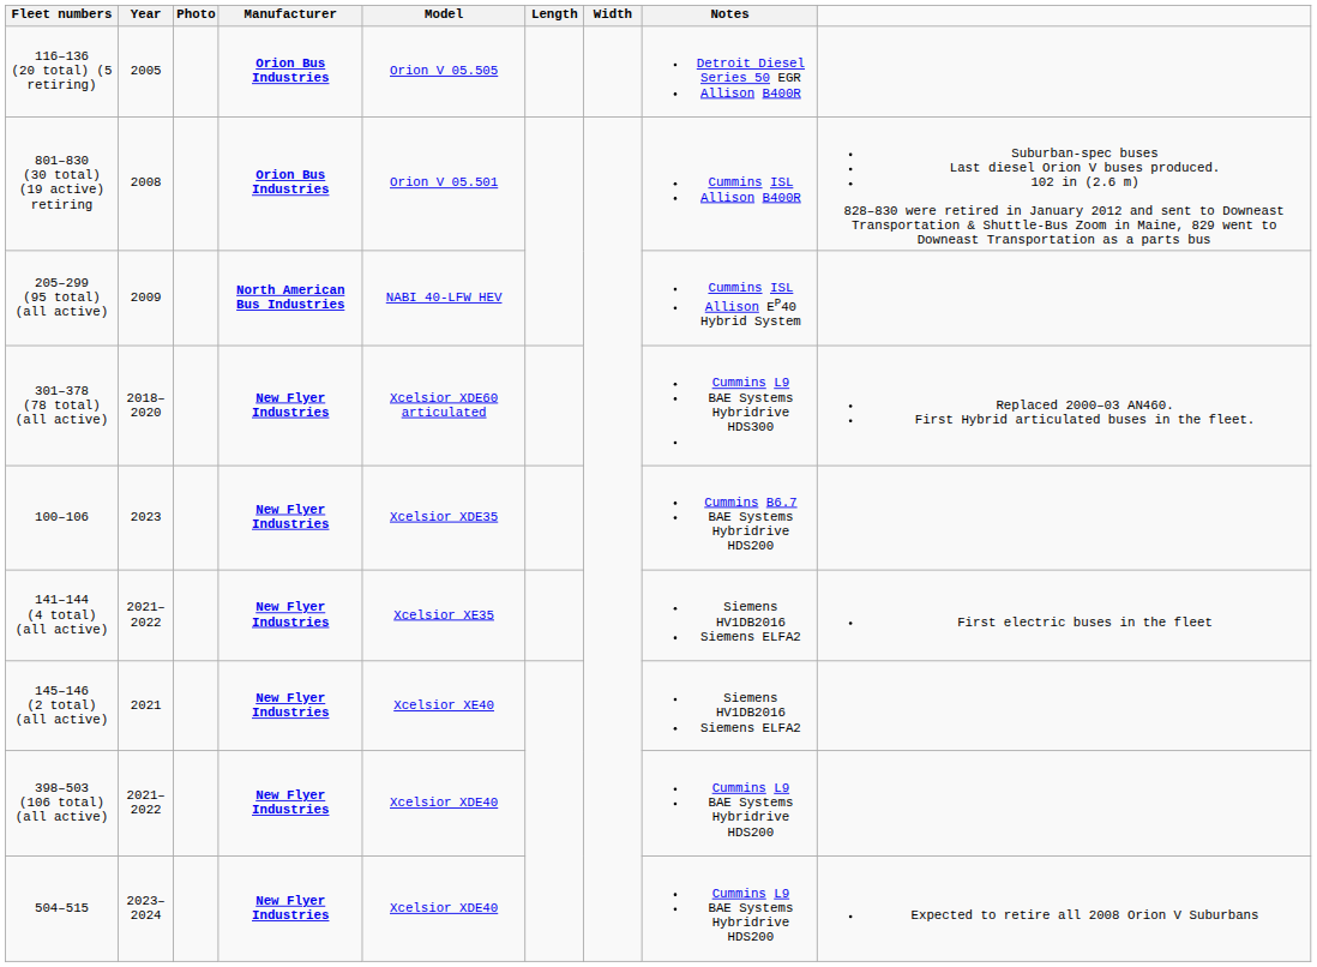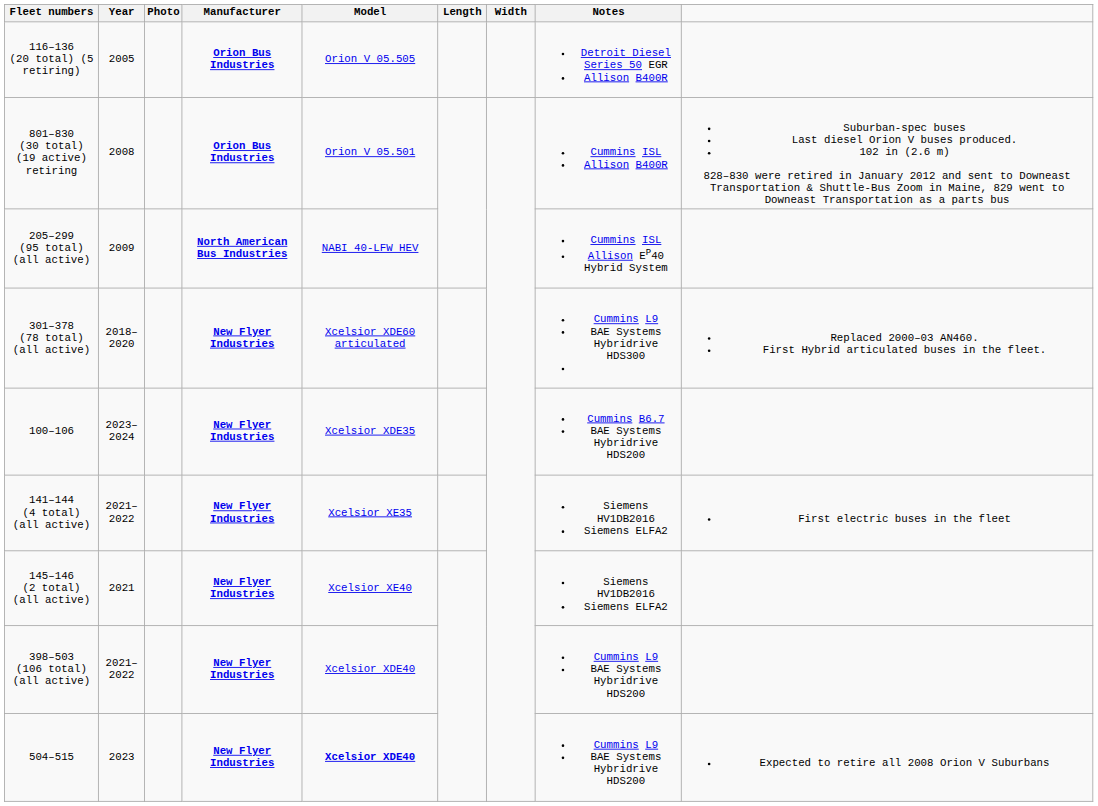 <table class="wikitable" style="font-size: 95%;">
 <tr align="center">
 <th>Fleet numbers</th>
 <th>Year</th>
 <th>Photo</th>
 <th>Manufacturer</th>
 <th width="150px">Model</th>
 <th width="50px">Length</th>
 <th width="50px">Width</th>
 <th>Notes</th>
 </tr>
 <tr align="center">
 <td>116–136<br>(20 total) (5 retiring)</td>
 <td>2005</td>
 <td></td>
 <td><strong><a href='#'>Orion Bus Industries</a></strong></td>
 <td><a href='#'>Orion V 05.505</a></td>
 <td></td>
 <td></td>
 <td><br><ul><li><a href='#'>Detroit Diesel Series 50</a> EGR</li><li><a href='#'>Allison</a> <a href='#'>B400R</a></li></ul></td>
 <td></td>
 </tr>
 <tr align="center">
 <td>801–830<br>(30 total)<br>(19 active) retiring</td>
 <td>2008</td>
 <td></td>
 <td><strong><a href='#'>Orion Bus Industries</a></strong></td>
 <td><a href='#'>Orion V 05.501</a></td>
 <td rowspan="2"></td>
 <td rowspan="8"></td>
 <td><br><ul><li><a href='#'>Cummins</a> <a href='#'>ISL</a></li><li><a href='#'>Allison</a> <a href='#'>B400R</a></li></ul></td>
 <td><br><ul><li>Suburban-spec buses</li><li>Last diesel Orion V buses produced.</li><li>102 in (2.6 m)</li></ul>828–830 were retired in January 2012 and sent to Downeast Transportation & Shuttle-Bus Zoom in Maine, 829 went to Downeast Transportation as a parts bus</td>
 </tr>
 <tr align="center">
 <td>205–299<br>(95 total)<br>(all active)</td>
 <td>2009</td>
 <td></td>
 <td><strong><a href='#'>North American Bus Industries</a></strong></td>
 <td><a href='#'>NABI 40-LFW HEV</a></td>
 <td><br><ul><li><a href='#'>Cummins</a> <a href='#'>ISL</a></li><li><a href='#'>Allison</a> E<sup>P</sup>40 Hybrid System</li></ul></td>
 <td></td>
 </tr>
 <tr align="center">
 <td>301–378<br>(78 total)<br>(all active)</td>
 <td>2018–2020</td>
 <td></td>
 <td><strong><a href='#'>New Flyer Industries</a></strong></td>
 <td><a href='#'>Xcelsior XDE60 articulated</a></td>
 <td></td>
 <td><br><ul><li><a href='#'>Cummins</a> <a href='#'>L9</a></li><li>BAE Systems Hybridrive HDS300</li><li></li></ul></td>
 <td><br><ul><li>Replaced 2000–03 AN460.</li><li>First Hybrid articulated buses in the fleet.</li></ul></td>
 </tr>
 <tr align="center">
 <td>100–106</td>
-<td>2023</td>
+<td>2023–2024</td>
 <td></td>
 <td><strong><a href='#'>New Flyer Industries</a></strong></td>
 <td><a href='#'>Xcelsior XDE35</a></td>
 <td></td>
 <td><br><ul><li><a href='#'>Cummins</a> <a href='#'>B6.7</a></li><li>BAE Systems Hybridrive HDS200</li></ul></td>
 <td></td>
 </tr>
 <tr align="center">
 <td>141–144<br>(4 total)<br>(all active)</td>
 <td>2021–2022</td>
 <td><br></td>
 <td><strong><a href='#'>New Flyer Industries</a></strong></td>
 <td><a href='#'>Xcelsior XE35</a></td>
 <td></td>
 <td><br><ul><li>Siemens HV1DB2016</li><li>Siemens ELFA2</li></ul></td>
 <td><br><ul><li>First electric buses in the fleet</li></ul></td>
 </tr>
 <tr align="center">
 <td>145–146<br>(2 total)<br>(all active)</td>
 <td>2021</td>
 <td><br></td>
 <td><strong><a href='#'>New Flyer Industries</a></strong></td>
 <td><a href='#'>Xcelsior XE40</a></td>
 <td rowspan="3"></td>
 <td><br><ul><li>Siemens HV1DB2016</li><li>Siemens ELFA2</li></ul></td>
 <td></td>
 </tr>
 <tr align="center">
 <td>398–503<br>(106 total)<br>(all active)</td>
 <td>2021–2022</td>
 <td><br></td>
 <td><strong><a href='#'>New Flyer Industries</a></strong></td>
 <td><a href='#'>Xcelsior XDE40</a></td>
 <td><br><ul><li><a href='#'>Cummins</a> <a href='#'>L9</a></li><li>BAE Systems Hybridrive HDS200</li></ul></td>
 <td></td>
 </tr>
 <tr align="center">
 <td>504–515</td>
-<td>2023–2024</td>
+<td>2023</td>
 <td></td>
 <td><strong><a href='#'>New Flyer Industries</a></strong></td>
-<td><a href='#'>Xcelsior XDE40</a></td>
+<td><strong><a href='#'>Xcelsior XDE40</a></strong></td>
 <td><br><ul><li><a href='#'>Cummins</a> <a href='#'>L9</a></li><li>BAE Systems Hybridrive HDS200</li></ul></td>
 <td><br><ul><li>Expected to retire all 2008 Orion V Suburbans</li></ul></td>
 </tr>
 </table>
